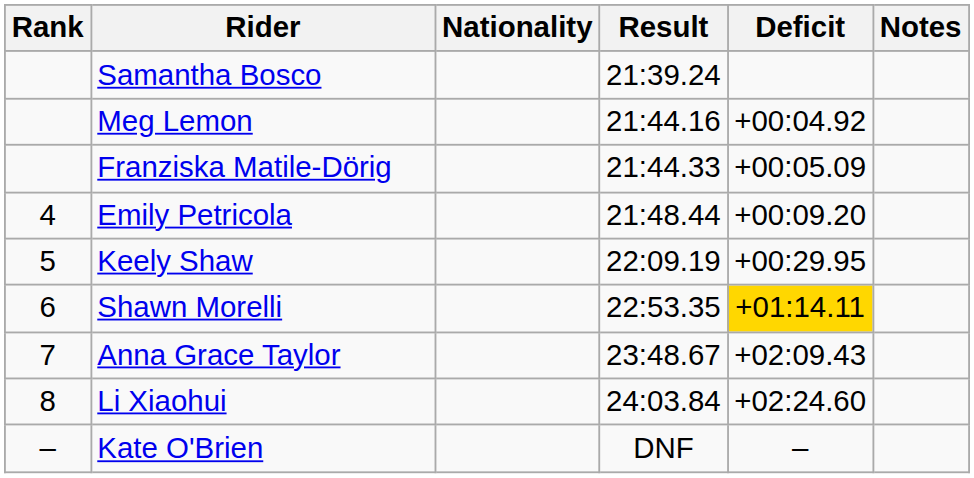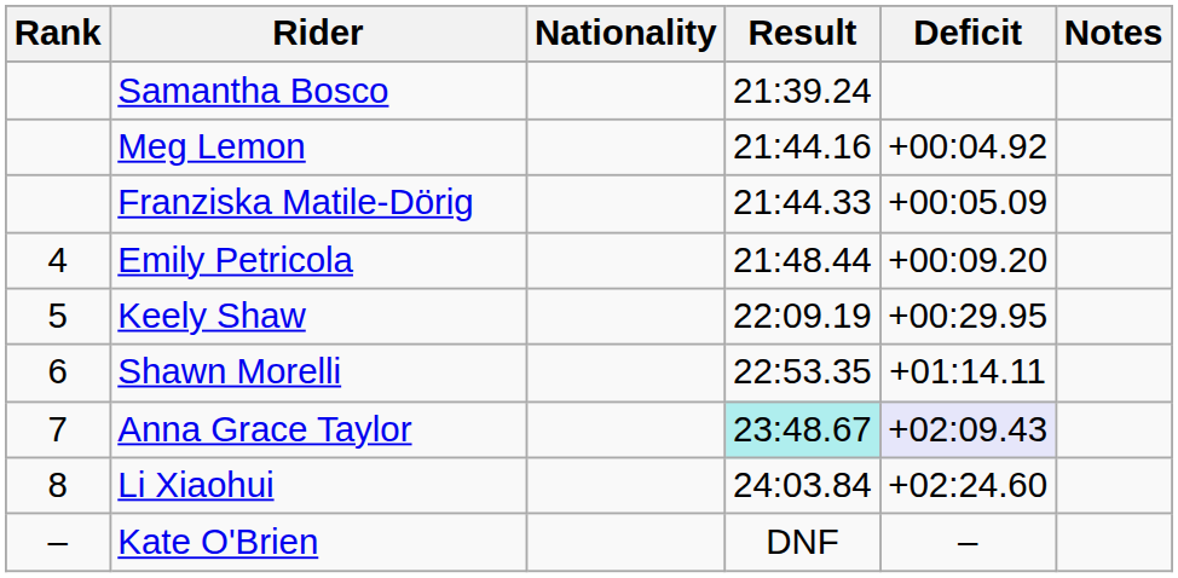 <table class="wikitable sortable" style="text-align:center">
 <tr>
 <th width="20">Rank</th>
 <th width="180">Rider</th>
 <th>Nationality</th>
 <th>Result</th>
 <th>Deficit</th>
 <th>Notes</th>
 </tr>
 <tr>
 <td></td>
 <td align="left"><a href='#'>Samantha Bosco</a></td>
 <td align=left></td>
 <td>21:39.24</td>
 <td></td>
 </tr>
 <tr>
 <td></td>
 <td align="left"><a href='#'>Meg Lemon</a></td>
 <td align=left></td>
 <td>21:44.16</td>
 <td>+00:04.92</td>
 <td></td>
 </tr>
 <tr>
 <td></td>
 <td align="left"><a href='#'>Franziska Matile-Dörig</a></td>
 <td align="left"></td>
 <td>21:44.33</td>
 <td>+00:05.09</td>
 <td></td>
 </tr>
 <tr>
 <td>4</td>
 <td align="left"><a href='#'>Emily Petricola</a></td>
 <td align=left></td>
 <td>21:48.44</td>
 <td>+00:09.20</td>
 <td></td>
 </tr>
 <tr>
 <td>5</td>
 <td align="left"><a href='#'>Keely Shaw</a></td>
 <td align=left></td>
 <td>22:09.19</td>
 <td>+00:29.95</td>
 <td></td>
 </tr>
 <tr>
 <td>6</td>
 <td align="left"><a href='#'>Shawn Morelli</a></td>
 <td align=left></td>
 <td>22:53.35</td>
-<td style="background: gold;">+01:14.11</td>
+<td>+01:14.11</td>
 <td></td>
 </tr>
 <tr>
 <td>7</td>
 <td align="left"><a href='#'>Anna Grace Taylor</a></td>
 <td align="left"></td>
-<td>23:48.67</td>
-<td>+02:09.43</td>
+<td style="background: paleturquoise;">23:48.67</td>
+<td style="background: lavender;">+02:09.43</td>
 <td></td>
 </tr>
 <tr>
 <td>8</td>
 <td align="left"><a href='#'>Li Xiaohui</a></td>
 <td align="left"></td>
 <td>24:03.84</td>
 <td>+02:24.60</td>
 <td></td>
 </tr>
 <tr>
 <td>–</td>
 <td align="left"><a href='#'>Kate O'Brien</a></td>
 <td align="left"></td>
 <td>DNF</td>
 <td>–</td>
 <td></td>
 </tr>
 </table>
